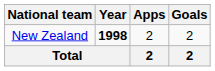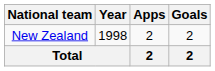 <table class="wikitable" style="text-align:center">
 <tr>
 <th>National team</th>
 <th>Year</th>
 <th>Apps</th>
 <th>Goals</th>
 </tr>
 <tr>
 <td><a href='#'>New Zealand</a></td>
-<td><strong>1998</strong></td>
+<td>1998</td>
 <td>2</td>
 <td>2</td>
 </tr>
 <tr>
 <th colspan="2">Total</th>
 <th>2</th>
 <th>2</th>
 </tr>
 </table>
